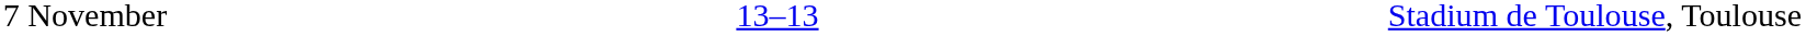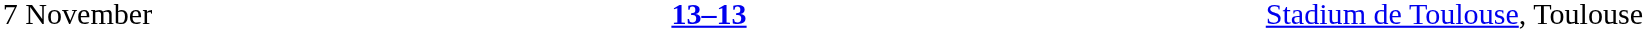 <table style="width:100%;" cellspacing="1">
 <tr>
 <th width=15%></th>
 <th width=25%></th>
 <th width=10%></th>
 <th width=25%></th>
 </tr>
 <tr style=font-size:90%>
 <td align=right>7 November</td>
 <td align=right></td>
-<td align=center><a href='#'>13–13</a></td>
+<td align=center><strong><a href='#'>13–13</a></strong></td>
 <td></td>
 <td><a href='#'>Stadium de Toulouse</a>, Toulouse</td>
 </tr>
 </table>
